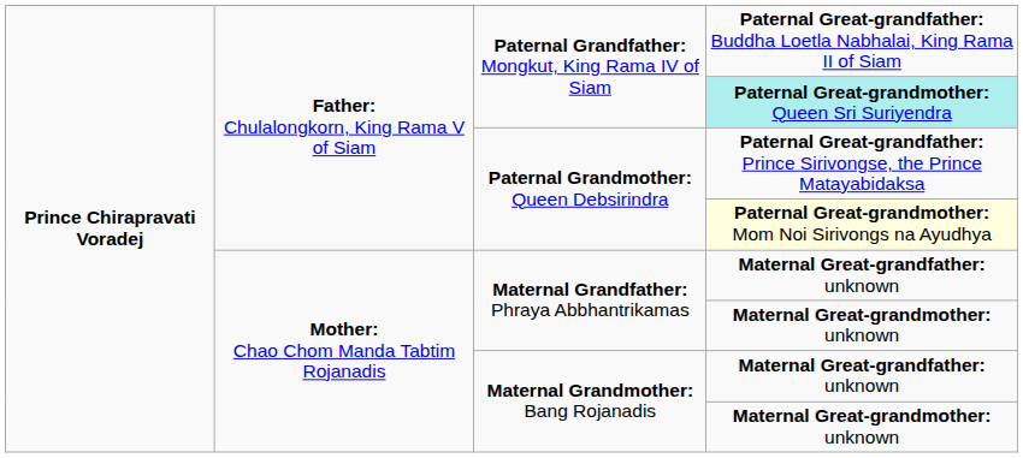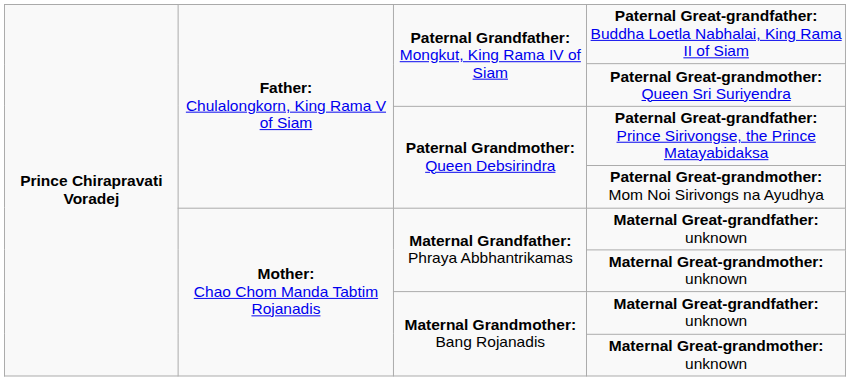 <table class="wikitable">
 <tr>
 </tr>
 <tr>
 <td rowspan="8" align="center"><strong>Prince Chirapravati Voradej</strong></td>
 <td rowspan="4" align="center"><strong>Father:</strong><br><a href='#'>Chulalongkorn, King Rama V of Siam</a></td>
 <td rowspan="2" align="center"><strong>Paternal Grandfather:</strong><br><a href='#'>Mongkut, King Rama IV of Siam</a></td>
 <td align = "center"><strong>Paternal Great-grandfather:</strong><br><a href='#'>Buddha Loetla Nabhalai, King Rama II of Siam</a></td>
 </tr>
 <tr>
-<td align = "center" style="background: paleturquoise;"><strong>Paternal Great-grandmother:</strong><br><a href='#'>Queen Sri Suriyendra</a></td>
+<td align = "center"><strong>Paternal Great-grandmother:</strong><br><a href='#'>Queen Sri Suriyendra</a></td>
 </tr>
 <tr>
 <td rowspan="2" align="center"><strong>Paternal Grandmother:</strong><br><a href='#'>Queen Debsirindra</a></td>
 <td align = "center"><strong>Paternal Great-grandfather:</strong><br><a href='#'>Prince Sirivongse, the Prince Matayabidaksa</a></td>
 </tr>
 <tr>
-<td align = "center" style="background: lightyellow;"><strong>Paternal Great-grandmother:</strong><br>Mom Noi Sirivongs na Ayudhya</td>
+<td align = "center"><strong>Paternal Great-grandmother:</strong><br>Mom Noi Sirivongs na Ayudhya</td>
 </tr>
 <tr>
 <td rowspan="4" align="center"><strong>Mother:</strong><br><a href='#'>Chao Chom Manda Tabtim Rojanadis</a></td>
 <td rowspan="2" align="center"><strong>Maternal Grandfather:</strong><br>Phraya Abbhantrikamas</td>
 <td align = "center"><strong>Maternal Great-grandfather:</strong><br>unknown</td>
 </tr>
 <tr>
 <td align = "center"><strong>Maternal Great-grandmother:</strong><br>unknown</td>
 </tr>
 <tr>
 <td rowspan="2" align="center"><strong>Maternal Grandmother:</strong><br>Bang Rojanadis</td>
 <td align = "center"><strong>Maternal Great-grandfather:</strong><br>unknown</td>
 </tr>
 <tr>
 <td align = "center"><strong>Maternal Great-grandmother:</strong><br>unknown</td>
 </tr>
 </table>
